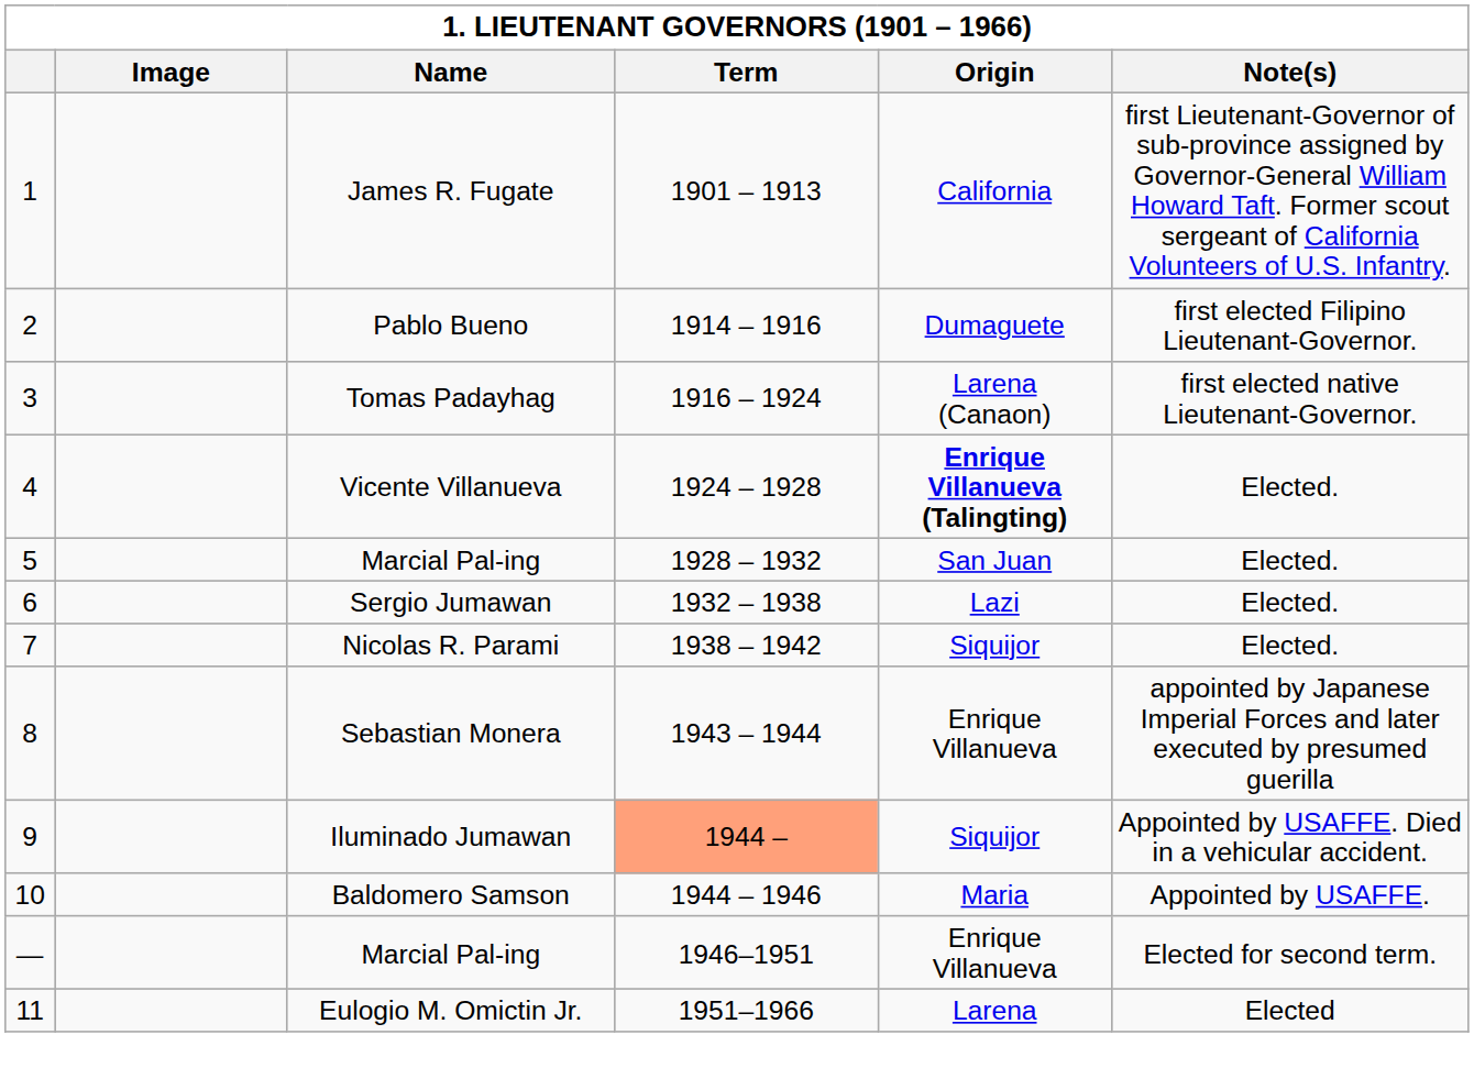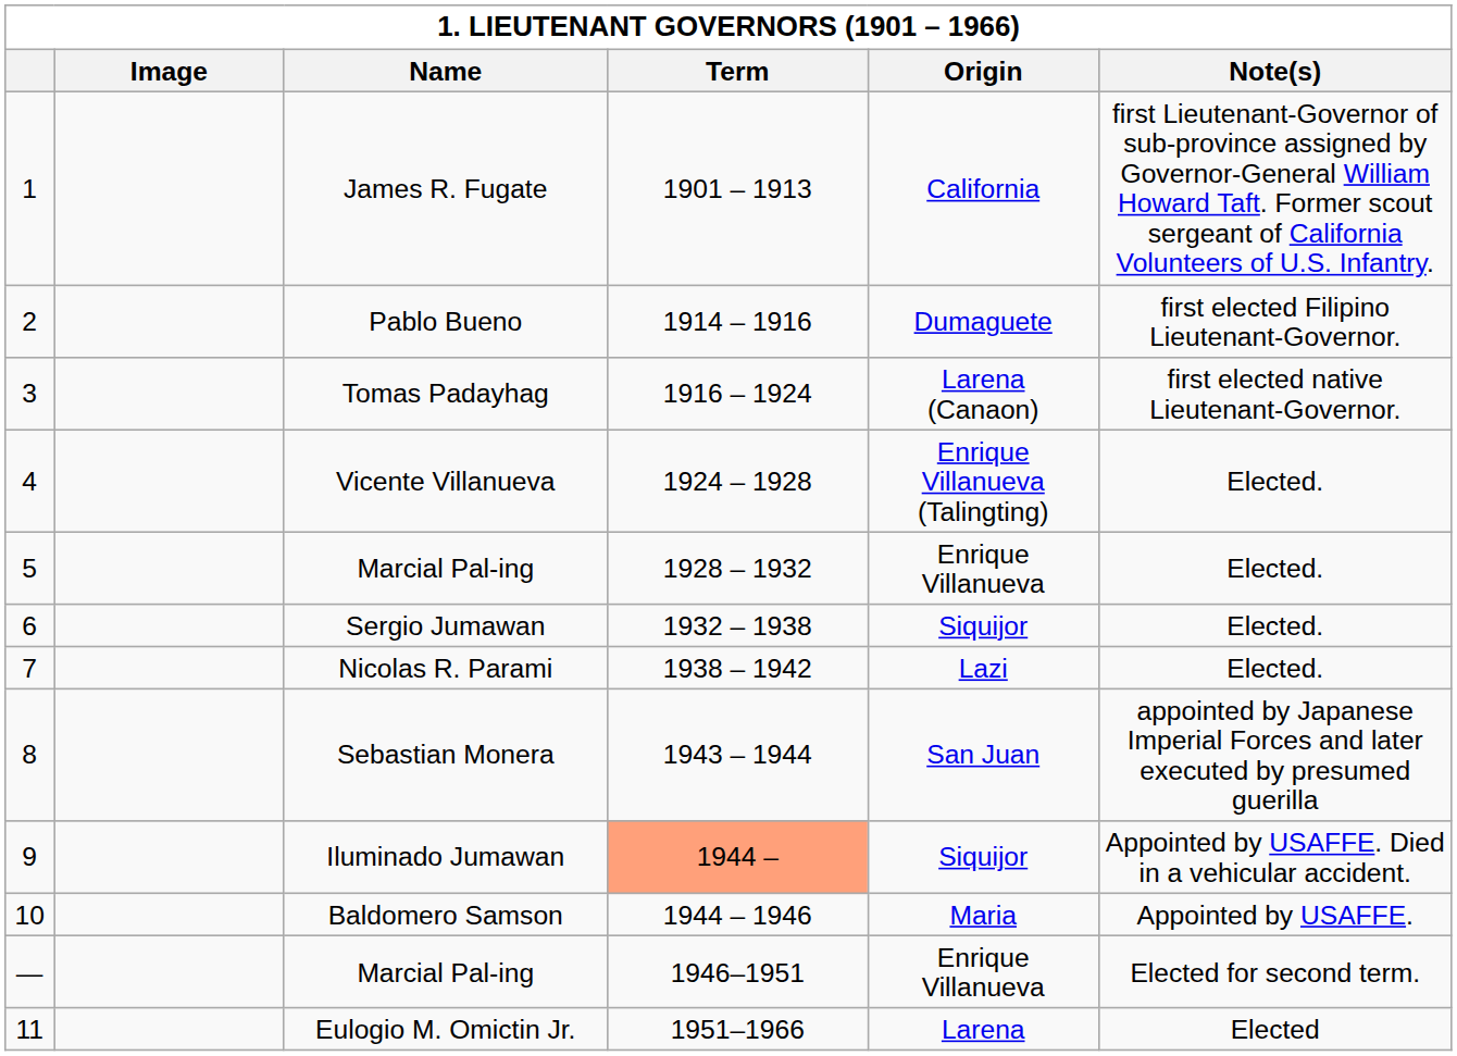 <table class="wikitable collapsible collapsed" style="vertical-align:top;text-align:center;font-size:95%;">
 <tr>
 <th style="background-color:white;font-size:105%;width:51em;" colspan=6>1. LIEUTENANT GOVERNORS (1901 – 1966)</th>
 </tr>
 <tr>
 <th style="width: 1em;text-align:center"></th>
 <th style="width: 7em;text-align:center">Image</th>
 <th style="width: 10em;text-align:center">Name</th>
 <th style="width: 8em;text-align:center">Term</th>
 <th style="width: 7em;text-align:center">Origin</th>
 <th style="width: 11em;text-align:center">Note(s)</th>
 </tr>
 <tr>
 <td>1</td>
 <td></td>
 <td>James R. Fugate</td>
 <td>1901 – 1913</td>
 <td><a href='#'>California</a></td>
 <td>first Lieutenant-Governor of sub-province assigned by Governor-General <a href='#'>William Howard Taft</a>. Former scout sergeant of <a href='#'>California Volunteers of U.S. Infantry</a>.</td>
 </tr>
 <tr>
 <td>2</td>
 <td></td>
 <td>Pablo Bueno</td>
 <td>1914 – 1916</td>
 <td><a href='#'>Dumaguete</a></td>
 <td>first elected Filipino Lieutenant-Governor.</td>
 </tr>
 <tr>
 <td>3</td>
 <td></td>
 <td>Tomas Padayhag</td>
 <td>1916 – 1924</td>
 <td><a href='#'>Larena</a><br>(Canaon)</td>
 <td>first elected native Lieutenant-Governor.</td>
 </tr>
 <tr>
 <td>4</td>
 <td></td>
 <td>Vicente Villanueva</td>
 <td>1924 – 1928</td>
-<td><strong><a href='#'>Enrique Villanueva</a><br>(Talingting)</strong></td>
+<td><a href='#'>Enrique Villanueva</a><br>(Talingting)</td>
 <td>Elected.</td>
 </tr>
 <tr>
 <td>5</td>
 <td></td>
 <td>Marcial Pal-ing</td>
 <td>1928 – 1932</td>
-<td><a href='#'>San Juan</a></td>
+<td>Enrique Villanueva</td>
 <td>Elected.</td>
 </tr>
 <tr>
 <td>6</td>
 <td></td>
 <td>Sergio Jumawan</td>
 <td>1932 – 1938</td>
-<td><a href='#'>Lazi</a></td>
+<td><a href='#'>Siquijor</a></td>
 <td>Elected.</td>
 </tr>
 <tr>
 <td>7</td>
 <td></td>
 <td>Nicolas R. Parami</td>
 <td>1938 – 1942</td>
-<td><a href='#'>Siquijor</a></td>
+<td><a href='#'>Lazi</a></td>
 <td>Elected.</td>
 </tr>
 <tr>
 <td>8</td>
 <td></td>
 <td>Sebastian Monera</td>
 <td>1943 – 1944</td>
-<td>Enrique Villanueva</td>
+<td><a href='#'>San Juan</a></td>
 <td>appointed by Japanese Imperial Forces and later executed by presumed guerilla</td>
 </tr>
 <tr>
 <td>9</td>
 <td></td>
 <td>Iluminado Jumawan</td>
 <td style="background: lightsalmon;">1944 –</td>
 <td><a href='#'>Siquijor</a></td>
 <td>Appointed by <a href='#'>USAFFE</a>. Died in a vehicular accident.</td>
 </tr>
 <tr>
 <td>10</td>
 <td></td>
 <td>Baldomero Samson</td>
 <td>1944 – 1946</td>
 <td><a href='#'>Maria</a></td>
 <td>Appointed by <a href='#'>USAFFE</a>.</td>
 </tr>
 <tr>
 <td>—</td>
 <td></td>
 <td>Marcial Pal-ing</td>
 <td>1946–1951</td>
 <td>Enrique Villanueva</td>
 <td>Elected for second term.</td>
 </tr>
 <tr>
 <td>11</td>
 <td></td>
 <td>Eulogio M. Omictin Jr.</td>
 <td>1951–1966</td>
 <td><a href='#'>Larena</a></td>
 <td>Elected</td>
 </tr>
 </table>
